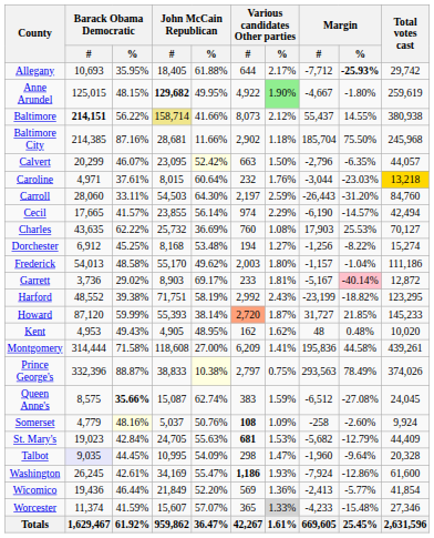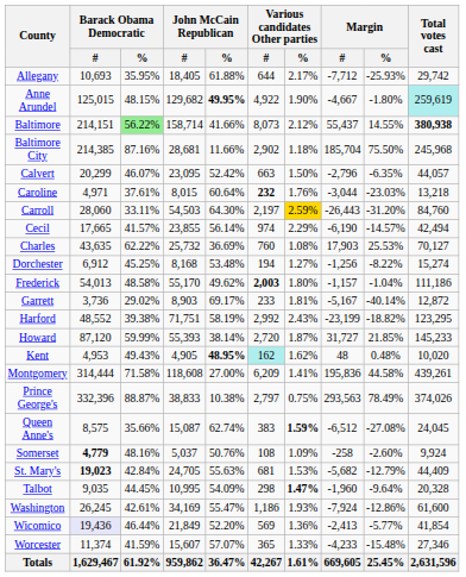 <table width="60%" class="wikitable sortable">
 <tr>
 <th rowspan="2">County</th>
 <th colspan="2">Barack Obama<br>Democratic</th>
 <th colspan="2">John McCain<br>Republican</th>
 <th colspan="2">Various candidates<br>Other parties</th>
 <th colspan="2">Margin</th>
 <th rowspan="2">Total votes cast</th>
 </tr>
 <tr>
 <th style="text-align:center;" data-sort-type="number">#</th>
 <th style="text-align:center;" data-sort-type="number">%</th>
 <th style="text-align:center;" data-sort-type="number">#</th>
 <th style="text-align:center;" data-sort-type="number">%</th>
 <th style="text-align:center;" data-sort-type="number">#</th>
 <th style="text-align:center;" data-sort-type="number">%</th>
 <th style="text-align:center;" data-sort-type="number">#</th>
 <th style="text-align:center;" data-sort-type="number">%</th>
 </tr>
 <tr style="text-align:center;">
 <td><a href='#'>Allegany</a></td>
 <td>10,693</td>
 <td>35.95%</td>
 <td>18,405</td>
 <td>61.88%</td>
 <td>644</td>
 <td>2.17%</td>
 <td>-7,712</td>
-<td><strong>-25.93%</strong></td>
+<td>-25.93%</td>
 <td>29,742</td>
 </tr>
 <tr style="text-align:center;">
 <td><a href='#'>Anne Arundel</a></td>
 <td>125,015</td>
 <td>48.15%</td>
-<td><strong>129,682</strong></td>
-<td>49.95%</td>
+<td>129,682</td>
+<td><strong>49.95%</strong></td>
 <td>4,922</td>
-<td style="background: lightgreen;">1.90%</td>
+<td>1.90%</td>
 <td>-4,667</td>
 <td>-1.80%</td>
-<td>259,619</td>
+<td style="background: paleturquoise;">259,619</td>
 </tr>
 <tr style="text-align:center;">
 <td><a href='#'>Baltimore</a></td>
-<td><strong>214,151</strong></td>
-<td>56.22%</td>
-<td style="background: khaki;">158,714</td>
+<td>214,151</td>
+<td style="background: lightgreen;">56.22%</td>
+<td>158,714</td>
 <td>41.66%</td>
 <td>8,073</td>
 <td>2.12%</td>
 <td>55,437</td>
 <td>14.55%</td>
-<td>380,938</td>
+<td><strong>380,938</strong></td>
 </tr>
 <tr style="text-align:center;">
 <td><a href='#'>Baltimore City</a></td>
 <td>214,385</td>
 <td>87.16%</td>
 <td>28,681</td>
 <td>11.66%</td>
 <td>2,902</td>
 <td>1.18%</td>
 <td>185,704</td>
 <td>75.50%</td>
 <td>245,968</td>
 </tr>
 <tr style="text-align:center;">
 <td><a href='#'>Calvert</a></td>
 <td>20,299</td>
 <td>46.07%</td>
 <td>23,095</td>
-<td style="background: lightyellow;">52.42%</td>
+<td>52.42%</td>
 <td>663</td>
 <td>1.50%</td>
 <td>-2,796</td>
 <td>-6.35%</td>
 <td>44,057</td>
 </tr>
 <tr style="text-align:center;">
 <td><a href='#'>Caroline</a></td>
 <td>4,971</td>
 <td>37.61%</td>
 <td>8,015</td>
 <td>60.64%</td>
-<td>232</td>
+<td><strong>232</strong></td>
 <td>1.76%</td>
 <td>-3,044</td>
 <td>-23.03%</td>
-<td style="background: gold;">13,218</td>
+<td>13,218</td>
 </tr>
 <tr style="text-align:center;">
 <td><a href='#'>Carroll</a></td>
 <td>28,060</td>
 <td>33.11%</td>
 <td>54,503</td>
 <td>64.30%</td>
 <td>2,197</td>
-<td>2.59%</td>
+<td style="background: gold;">2.59%</td>
 <td>-26,443</td>
 <td>-31.20%</td>
 <td>84,760</td>
 </tr>
 <tr style="text-align:center;">
 <td><a href='#'>Cecil</a></td>
 <td>17,665</td>
 <td>41.57%</td>
 <td>23,855</td>
 <td>56.14%</td>
 <td>974</td>
 <td>2.29%</td>
 <td>-6,190</td>
 <td>-14.57%</td>
 <td>42,494</td>
 </tr>
 <tr style="text-align:center;">
 <td><a href='#'>Charles</a></td>
 <td>43,635</td>
 <td>62.22%</td>
 <td>25,732</td>
 <td>36.69%</td>
 <td>760</td>
 <td>1.08%</td>
 <td>17,903</td>
 <td>25.53%</td>
 <td>70,127</td>
 </tr>
 <tr style="text-align:center;">
 <td><a href='#'>Dorchester</a></td>
 <td>6,912</td>
 <td>45.25%</td>
 <td>8,168</td>
 <td>53.48%</td>
 <td>194</td>
 <td>1.27%</td>
 <td>-1,256</td>
 <td>-8.22%</td>
 <td>15,274</td>
 </tr>
 <tr style="text-align:center;">
 <td><a href='#'>Frederick</a></td>
 <td>54,013</td>
 <td>48.58%</td>
 <td>55,170</td>
 <td>49.62%</td>
-<td>2,003</td>
+<td><strong>2,003</strong></td>
 <td>1.80%</td>
 <td>-1,157</td>
 <td>-1.04%</td>
 <td>111,186</td>
 </tr>
 <tr style="text-align:center;">
 <td><a href='#'>Garrett</a></td>
 <td>3,736</td>
 <td>29.02%</td>
 <td>8,903</td>
 <td>69.17%</td>
 <td>233</td>
 <td>1.81%</td>
 <td>-5,167</td>
-<td style="background: pink;">-40.14%</td>
+<td>-40.14%</td>
 <td>12,872</td>
 </tr>
 <tr style="text-align:center;">
 <td><a href='#'>Harford</a></td>
 <td>48,552</td>
 <td>39.38%</td>
 <td>71,751</td>
 <td>58.19%</td>
 <td>2,992</td>
 <td>2.43%</td>
 <td>-23,199</td>
 <td>-18.82%</td>
 <td>123,295</td>
 </tr>
 <tr style="text-align:center;">
 <td><a href='#'>Howard</a></td>
 <td>87,120</td>
 <td>59.99%</td>
 <td>55,393</td>
 <td>38.14%</td>
-<td style="background: lightsalmon;">2,720</td>
+<td>2,720</td>
 <td>1.87%</td>
 <td>31,727</td>
 <td>21.85%</td>
 <td>145,233</td>
 </tr>
 <tr style="text-align:center;">
 <td><a href='#'>Kent</a></td>
 <td>4,953</td>
 <td>49.43%</td>
 <td>4,905</td>
-<td>48.95%</td>
-<td>162</td>
+<td><strong>48.95%</strong></td>
+<td style="background: paleturquoise;">162</td>
 <td>1.62%</td>
 <td>48</td>
 <td>0.48%</td>
 <td>10,020</td>
 </tr>
 <tr style="text-align:center;">
 <td><a href='#'>Montgomery</a></td>
 <td>314,444</td>
 <td>71.58%</td>
 <td>118,608</td>
 <td>27.00%</td>
 <td>6,209</td>
 <td>1.41%</td>
 <td>195,836</td>
 <td>44.58%</td>
 <td>439,261</td>
 </tr>
 <tr style="text-align:center;">
 <td><a href='#'>Prince George's</a></td>
 <td>332,396</td>
 <td>88.87%</td>
 <td>38,833</td>
-<td style="background: lightyellow;">10.38%</td>
+<td>10.38%</td>
 <td>2,797</td>
 <td>0.75%</td>
 <td>293,563</td>
 <td>78.49%</td>
 <td>374,026</td>
 </tr>
 <tr style="text-align:center;">
 <td><a href='#'>Queen Anne's</a></td>
 <td>8,575</td>
-<td><strong>35.66%</strong></td>
+<td>35.66%</td>
 <td>15,087</td>
 <td>62.74%</td>
 <td>383</td>
-<td>1.59%</td>
+<td><strong>1.59%</strong></td>
 <td>-6,512</td>
 <td>-27.08%</td>
 <td>24,045</td>
 </tr>
 <tr style="text-align:center;">
 <td><a href='#'>Somerset</a></td>
-<td>4,779</td>
-<td style="background: lightyellow;">48.16%</td>
+<td><strong>4,779</strong></td>
+<td>48.16%</td>
 <td>5,037</td>
 <td>50.76%</td>
-<td><strong>108</strong></td>
+<td>108</td>
 <td>1.09%</td>
 <td>-258</td>
 <td>-2.60%</td>
 <td>9,924</td>
 </tr>
 <tr style="text-align:center;">
 <td><a href='#'>St. Mary's</a></td>
-<td>19,023</td>
+<td><strong>19,023</strong></td>
 <td>42.84%</td>
 <td>24,705</td>
 <td>55.63%</td>
-<td><strong>681</strong></td>
+<td>681</td>
 <td>1.53%</td>
 <td>-5,682</td>
 <td>-12.79%</td>
 <td>44,409</td>
 </tr>
 <tr style="text-align:center;">
 <td><a href='#'>Talbot</a></td>
-<td style="background: lavender;">9,035</td>
+<td>9,035</td>
 <td>44.45%</td>
 <td>10,995</td>
 <td>54.09%</td>
 <td>298</td>
-<td>1.47%</td>
+<td><strong>1.47%</strong></td>
 <td>-1,960</td>
 <td>-9.64%</td>
 <td>20,328</td>
 </tr>
 <tr style="text-align:center;">
 <td><a href='#'>Washington</a></td>
 <td>26,245</td>
 <td>42.61%</td>
 <td>34,169</td>
 <td>55.47%</td>
-<td><strong>1,186</strong></td>
+<td>1,186</td>
 <td>1.93%</td>
 <td>-7,924</td>
 <td>-12.86%</td>
 <td>61,600</td>
 </tr>
 <tr style="text-align:center;">
 <td><a href='#'>Wicomico</a></td>
-<td>19,436</td>
+<td style="background: lavender;">19,436</td>
 <td>46.44%</td>
 <td>21,849</td>
 <td>52.20%</td>
 <td>569</td>
 <td>1.36%</td>
 <td>-2,413</td>
 <td>-5.77%</td>
 <td>41,854</td>
 </tr>
 <tr style="text-align:center;">
 <td><a href='#'>Worcester</a></td>
 <td>11,374</td>
 <td>41.59%</td>
 <td>15,607</td>
 <td>57.07%</td>
 <td>365</td>
-<td style="background: lightgrey;">1.33%</td>
+<td>1.33%</td>
 <td>-4,233</td>
 <td>-15.48%</td>
 <td>27,346</td>
 </tr>
 <tr style="text-align:center;">
 <th>Totals</th>
 <th>1,629,467</th>
 <th>61.92%</th>
 <th>959,862</th>
 <th>36.47%</th>
 <th>42,267</th>
 <th>1.61%</th>
 <th>669,605</th>
 <th>25.45%</th>
 <th>2,631,596</th>
 </tr>
 </table>
